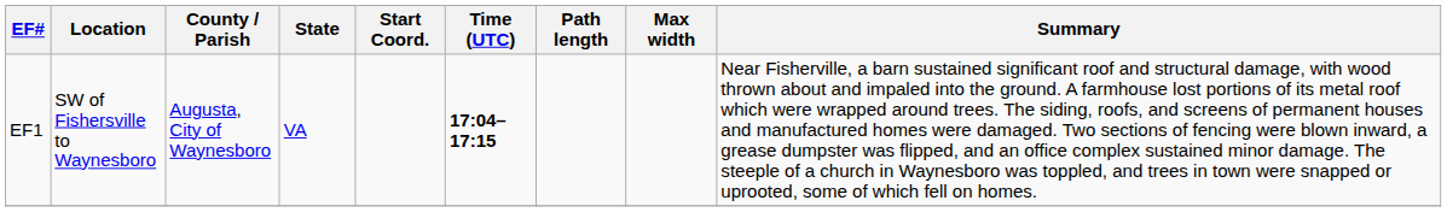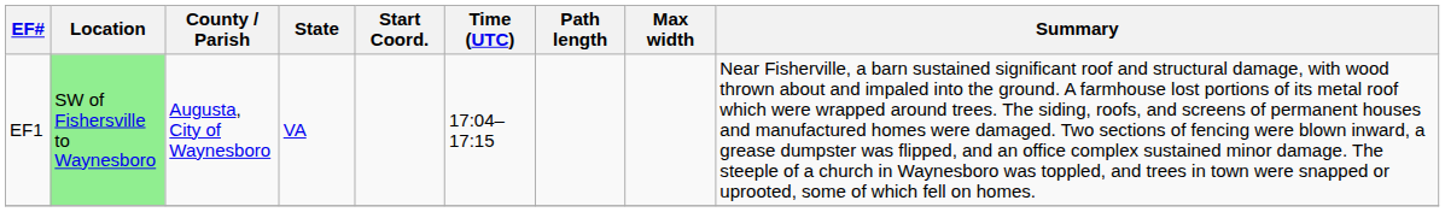 <table class="wikitable sortable" style="width:100%;">
 <tr>
 <th scope="col"  style="width:3%; text-align:center;"><a href='#'>EF#</a></th>
 <th scope="col"  style="width:7%; text-align:center;" class="unsortable">Location</th>
 <th scope="col"  style="width:6%; text-align:center;" class="unsortable">County / Parish</th>
 <th scope="col"  style="width:5%; text-align:center;">State</th>
 <th scope="col"  style="width:6%; text-align:center;">Start Coord.</th>
 <th scope="col"  style="width:6%; text-align:center;">Time (<a href='#'>UTC</a>)</th>
 <th scope="col"  style="width:6%; text-align:center;">Path length</th>
 <th scope="col"  style="width:6%; text-align:center;">Max width</th>
 <th scope="col" class="unsortable" style="width:48%; text-align:center;">Summary</th>
 </tr>
 <tr>
 <td>EF1</td>
-<td>SW of <a href='#'>Fishersville</a> to <a href='#'>Waynesboro</a></td>
+<td style="background: lightgreen;">SW of <a href='#'>Fishersville</a> to <a href='#'>Waynesboro</a></td>
 <td><a href='#'>Augusta</a>, <a href='#'>City of Waynesboro</a></td>
 <td><a href='#'>VA</a></td>
 <td></td>
-<td><strong>17:04–17:15</strong></td>
+<td>17:04–17:15</td>
 <td></td>
 <td></td>
 <td>Near Fisherville, a barn sustained significant roof and structural damage, with wood thrown about  and impaled into the ground. A farmhouse lost portions of its metal roof which were wrapped around trees. The siding, roofs, and screens of permanent houses and manufactured homes were damaged. Two  sections of fencing were blown inward, a grease dumpster was flipped, and an office complex sustained minor damage. The steeple of a church in Waynesboro was toppled, and trees in town were snapped or uprooted, some of which fell on homes.</td>
 </tr>
 <tr>
 </tr>
 </table>
